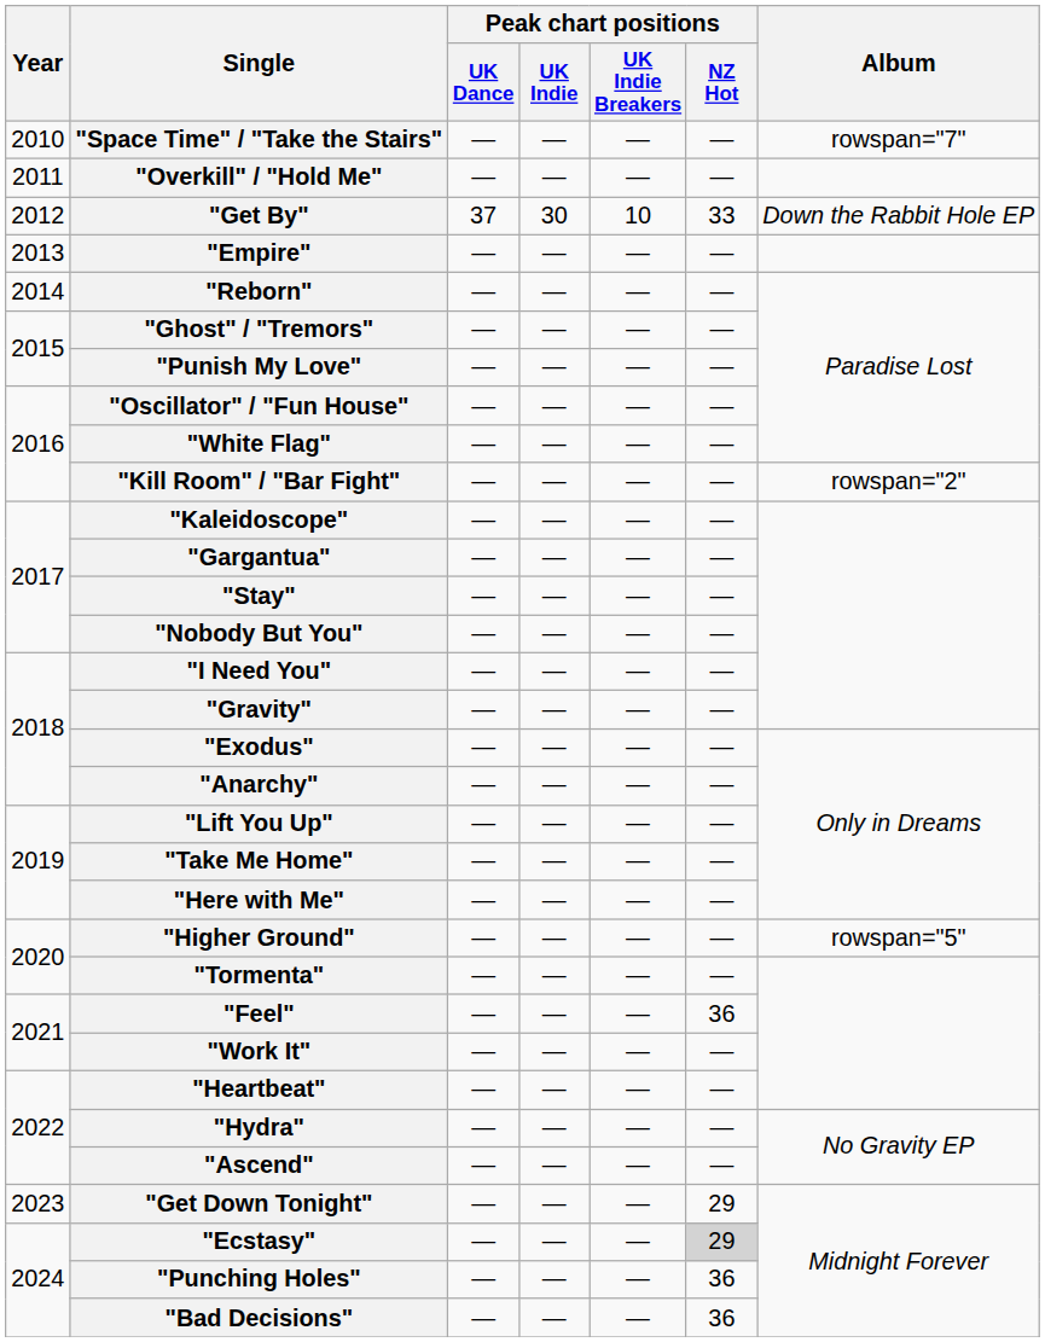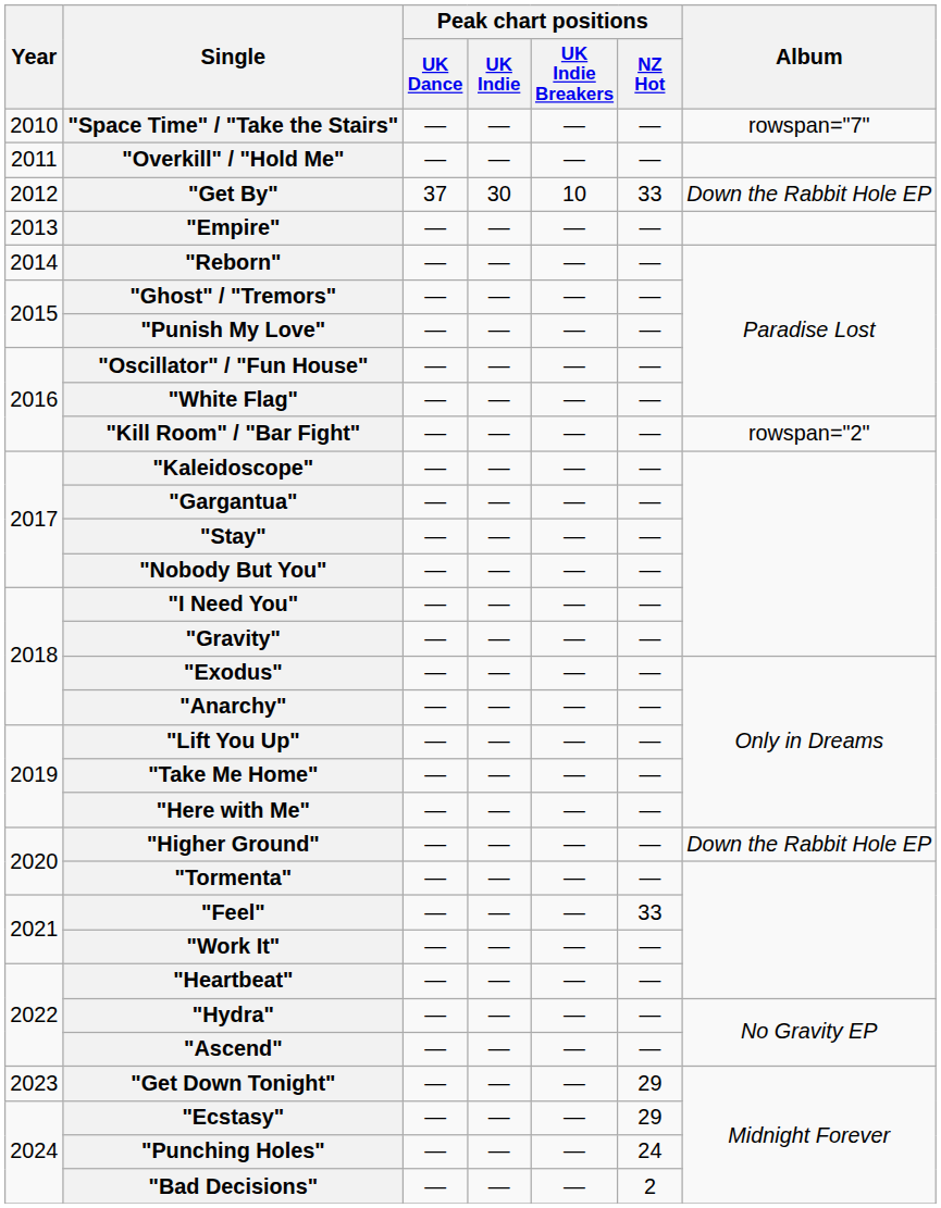 <table class="wikitable plainrowheaders" style="text-align:center;">
 <tr>
 <th scope="col" rowspan="2">Year</th>
 <th scope="col" rowspan="2">Single</th>
 <th scope="col" colspan="4">Peak chart positions</th>
 <th scope="col" rowspan="2">Album</th>
 </tr>
 <tr>
 <th scope="col" style="width:3em;font-size:85%;"><a href='#'>UK<br>Dance</a><br></th>
 <th scope="col" style="width:3em;font-size:85%;"><a href='#'>UK<br>Indie</a><br></th>
 <th scope="col" style="width:3em;font-size:85%;"><a href='#'>UK<br>Indie<br>Breakers</a><br></th>
 <th scope="col" style="width:3em;font-size:85%;"><a href='#'>NZ<br>Hot</a><br></th>
 </tr>
 <tr>
 <td>2010</td>
 <th scope="row">"Space Time" / "Take the Stairs"</th>
 <td>—</td>
 <td>—</td>
 <td>—</td>
 <td>—</td>
 <td>rowspan="7" </td>
 </tr>
 <tr>
 <td>2011</td>
 <th scope="row">"Overkill" / "Hold Me"</th>
 <td>—</td>
 <td>—</td>
 <td>—</td>
 <td>—</td>
 </tr>
 <tr>
 <td>2012</td>
 <th scope="row">"Get By"</th>
 <td>37</td>
 <td>30</td>
 <td>10</td>
 <td>33</td>
 <td><em>Down the Rabbit Hole EP</em></td>
 </tr>
 <tr>
 <td>2013</td>
 <th scope="row">"Empire"</th>
 <td>—</td>
 <td>—</td>
 <td>—</td>
 <td>—</td>
 <td></td>
 </tr>
 <tr>
 <td>2014</td>
 <th scope="row">"Reborn"</th>
 <td>—</td>
 <td>—</td>
 <td>—</td>
 <td>—</td>
 <td rowspan="5"><em>Paradise Lost</em></td>
 </tr>
 <tr>
 <td rowspan="2">2015</td>
 <th scope="row">"Ghost" / "Tremors"</th>
 <td>—</td>
 <td>—</td>
 <td>—</td>
 <td>—</td>
 </tr>
 <tr>
 <th scope="row">"Punish My Love"</th>
 <td>—</td>
 <td>—</td>
 <td>—</td>
 <td>—</td>
 </tr>
 <tr>
 <td rowspan="3">2016</td>
 <th scope="row">"Oscillator" / "Fun House"</th>
 <td>—</td>
 <td>—</td>
 <td>—</td>
 <td>—</td>
 </tr>
 <tr>
 <th scope="row">"White Flag"</th>
 <td>—</td>
 <td>—</td>
 <td>—</td>
 <td>—</td>
 </tr>
 <tr>
 <th scope="row">"Kill Room" / "Bar Fight"</th>
 <td>—</td>
 <td>—</td>
 <td>—</td>
 <td>—</td>
 <td>rowspan="2" </td>
 </tr>
 <tr>
 <td rowspan="4">2017</td>
 <th scope="row">"Kaleidoscope"</th>
 <td>—</td>
 <td>—</td>
 <td>—</td>
 <td>—</td>
 </tr>
 <tr>
 <th scope="row">"Gargantua"</th>
 <td>—</td>
 <td>—</td>
 <td>—</td>
 <td>—</td>
 </tr>
 <tr>
 <th scope="row">"Stay"<br></th>
 <td>—</td>
 <td>—</td>
 <td>—</td>
 <td>—</td>
 </tr>
 <tr>
 <th scope="row">"Nobody But You"<br></th>
 <td>—</td>
 <td>—</td>
 <td>—</td>
 <td>—</td>
 </tr>
 <tr>
 <td rowspan="4">2018</td>
 <th scope="row">"I Need You"</th>
 <td>—</td>
 <td>—</td>
 <td>—</td>
 <td>—</td>
 </tr>
 <tr>
 <th scope="row">"Gravity"</th>
 <td>—</td>
 <td>—</td>
 <td>—</td>
 <td>—</td>
 </tr>
 <tr>
 <th scope="row">"Exodus"</th>
 <td>—</td>
 <td>—</td>
 <td>—</td>
 <td>—</td>
 <td rowspan="5"><em>Only in Dreams</em></td>
 </tr>
 <tr>
 <th scope="row">"Anarchy"<br></th>
 <td>—</td>
 <td>—</td>
 <td>—</td>
 <td>—</td>
 </tr>
 <tr>
 <td rowspan="3">2019</td>
 <th scope="row">"Lift You Up"<br></th>
 <td>—</td>
 <td>—</td>
 <td>—</td>
 <td>—</td>
 </tr>
 <tr>
 <th scope="row">"Take Me Home"<br></th>
 <td>—</td>
 <td>—</td>
 <td>—</td>
 <td>—</td>
 </tr>
 <tr>
 <th scope="row">"Here with Me"<br></th>
 <td>—</td>
 <td>—</td>
 <td>—</td>
 <td>—</td>
 </tr>
 <tr>
 <td rowspan="2">2020</td>
 <th scope="row">"Higher Ground"<br></th>
 <td>—</td>
 <td>—</td>
 <td>—</td>
 <td>—</td>
-<td>rowspan="5" </td>
+<td><em>Down the Rabbit Hole EP</em></td>
 </tr>
 <tr>
 <th scope="row">"Tormenta"<br></th>
 <td>—</td>
 <td>—</td>
 <td>—</td>
 <td>—</td>
 </tr>
 <tr>
 <td rowspan="2">2021</td>
 <th scope="row">"Feel"<br></th>
 <td>—</td>
 <td>—</td>
 <td>—</td>
-<td>36</td>
+<td>33</td>
 </tr>
 <tr>
 <th scope="row">"Work It"</th>
 <td>—</td>
 <td>—</td>
 <td>—</td>
 <td>—</td>
 </tr>
 <tr>
 <td rowspan="3">2022</td>
 <th scope="row">"Heartbeat"<br></th>
 <td>—</td>
 <td>—</td>
 <td>—</td>
 <td>—</td>
 </tr>
 <tr>
 <th scope="row">"Hydra"</th>
 <td>—</td>
 <td>—</td>
 <td>—</td>
 <td>—</td>
 <td rowspan="2"><em>No Gravity EP</em></td>
 </tr>
 <tr>
 <th scope="row">"Ascend"</th>
 <td>—</td>
 <td>—</td>
 <td>—</td>
 <td>—</td>
 </tr>
 <tr>
 <td>2023</td>
 <th scope="row">"Get Down Tonight"<br></th>
 <td>—</td>
 <td>—</td>
 <td>—</td>
 <td>29</td>
 <td rowspan="4"><em>Midnight Forever</em></td>
 </tr>
 <tr>
 <td rowspan="3">2024</td>
 <th scope="row">"Ecstasy"</th>
 <td>—</td>
 <td>—</td>
 <td>—</td>
-<td style="background: lightgrey;">29</td>
+<td>29</td>
 </tr>
 <tr>
 <th scope="row">"Punching Holes"</th>
 <td>—</td>
 <td>—</td>
 <td>—</td>
-<td>36</td>
+<td>24</td>
 </tr>
 <tr>
 <th scope="row">"Bad Decisions"<br></th>
 <td>—</td>
 <td>—</td>
 <td>—</td>
-<td>36</td>
+<td>2</td>
 </tr>
 </table>
